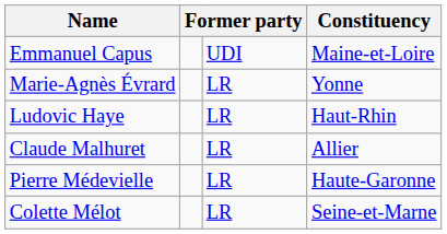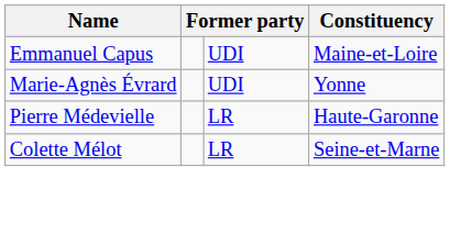 <table class="wikitable sortable">
 <tr>
 <th>Name</th>
 <th colspan="2">Former party</th>
 <th>Constituency</th>
 </tr>
 <tr>
 <td><a href='#'>Emmanuel Capus</a></td>
 <td style="background-color: "></td>
 <td><a href='#'>UDI</a></td>
 <td><a href='#'>Maine-et-Loire</a></td>
 </tr>
 <tr>
 <td><a href='#'>Marie-Agnès Évrard</a></td>
 <td style="background-color: "></td>
-<td><a href='#'>LR</a></td>
+<td><a href='#'>UDI</a></td>
 <td><a href='#'>Yonne</a></td>
-</tr>
-<tr>
-<td><a href='#'>Ludovic Haye</a></td>
-<td style="background-color: "></td>
-<td><a href='#'>LR</a></td>
-<td><a href='#'>Haut-Rhin</a></td>
-</tr>
-<tr>
-<td><a href='#'>Claude Malhuret</a></td>
-<td style="background-color: "></td>
-<td><a href='#'>LR</a></td>
-<td><a href='#'>Allier</a></td>
 </tr>
 <tr>
 <td><a href='#'>Pierre Médevielle</a></td>
 <td style="background-color: "></td>
 <td><a href='#'>LR</a></td>
 <td><a href='#'>Haute-Garonne</a></td>
 </tr>
 <tr>
 <td><a href='#'>Colette Mélot</a></td>
 <td style="background-color: "></td>
 <td><a href='#'>LR</a></td>
 <td><a href='#'>Seine-et-Marne</a></td>
 </tr>
 </table>
